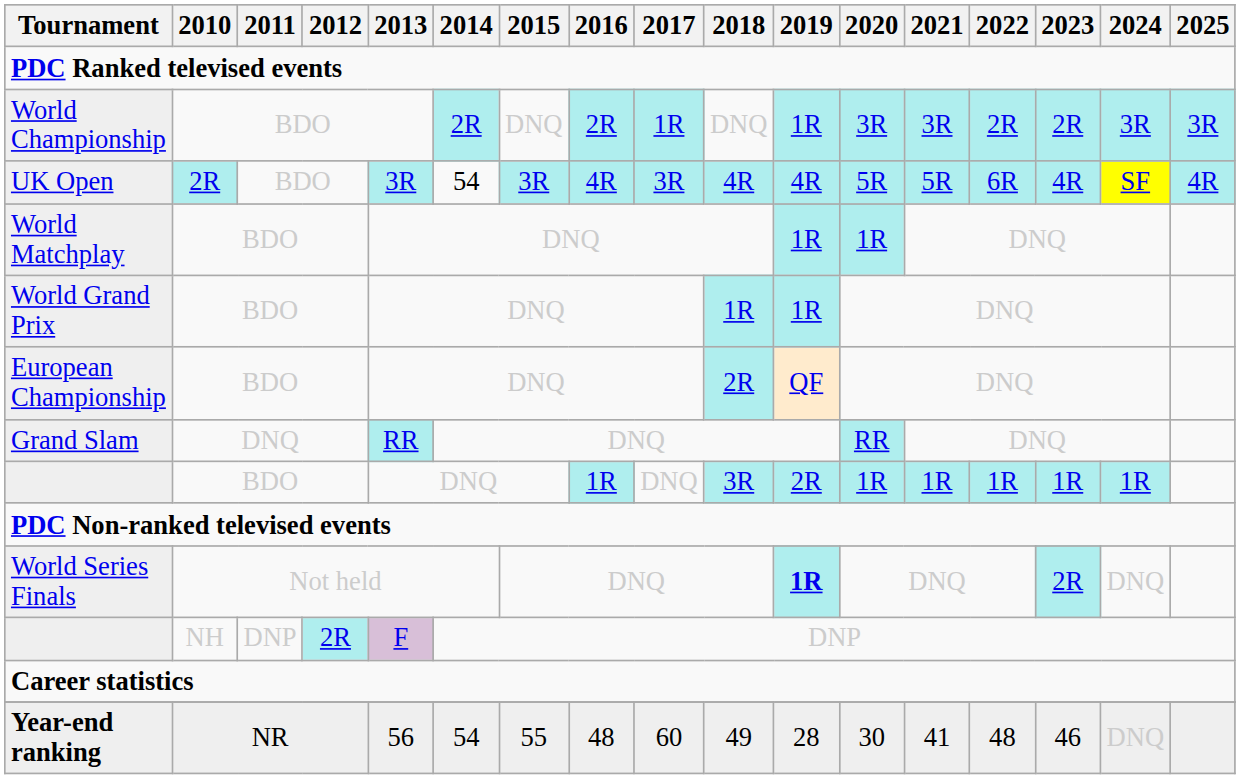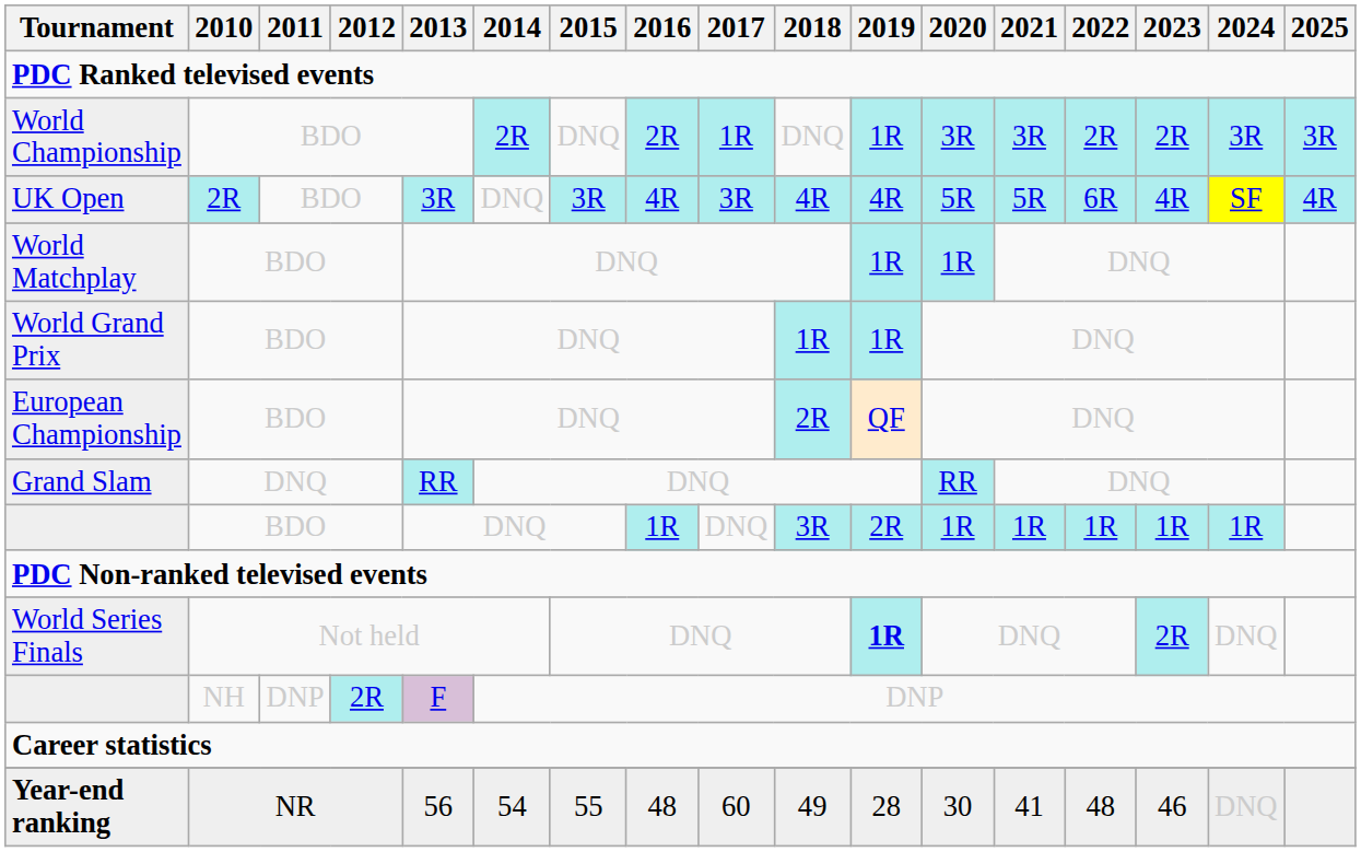 <table class="wikitable" style="width:20%; margin:0">
 <tr>
 <th>Tournament</th>
 <th>2010</th>
 <th>2011</th>
 <th>2012</th>
 <th>2013</th>
 <th>2014</th>
 <th>2015</th>
 <th>2016</th>
 <th>2017</th>
 <th>2018</th>
 <th>2019</th>
 <th>2020</th>
 <th>2021</th>
 <th>2022</th>
 <th>2023</th>
 <th>2024</th>
 <th>2025</th>
 </tr>
 <tr>
 <td colspan="32" align="left"><strong><a href='#'>PDC</a> Ranked televised events</strong></td>
 </tr>
 <tr>
 <td style="background:#efefef;"><a href='#'>World Championship</a></td>
 <td colspan="4" style="text-align:center; color:#ccc;">BDO</td>
 <td style="text-align:center; background:#afeeee;"><a href='#'>2R</a></td>
 <td style="text-align:center; color:#ccc;">DNQ</td>
 <td style="text-align:center; background:#afeeee;"><a href='#'>2R</a></td>
 <td style="text-align:center; background:#afeeee;"><a href='#'>1R</a></td>
 <td style="text-align:center; color:#ccc;">DNQ</td>
 <td style="text-align:center; background:#afeeee;"><a href='#'>1R</a></td>
 <td style="text-align:center; background:#afeeee;"><a href='#'>3R</a></td>
 <td style="text-align:center; background:#afeeee;"><a href='#'>3R</a></td>
 <td style="text-align:center; background:#afeeee;"><a href='#'>2R</a></td>
 <td style="text-align:center; background:#afeeee;"><a href='#'>2R</a></td>
 <td style="text-align:center; background:#afeeee;"><a href='#'>3R</a></td>
 <td style="text-align:center; background:#afeeee;"><a href='#'>3R</a></td>
 </tr>
 <tr>
 <td style="background:#efefef;"><a href='#'>UK Open</a></td>
 <td style="text-align:center; background:#afeeee;"><a href='#'>2R</a></td>
 <td colspan="2" style="text-align:center; color:#ccc;">BDO</td>
 <td style="text-align:center; background:#afeeee;"><a href='#'>3R</a></td>
-<td style="text-align:center;">54</td>
+<td style="text-align:center; color:#ccc;">DNQ</td>
 <td style="text-align:center; background:#afeeee;"><a href='#'>3R</a></td>
 <td style="text-align:center; background:#afeeee;"><a href='#'>4R</a></td>
 <td style="text-align:center; background:#afeeee;"><a href='#'>3R</a></td>
 <td style="text-align:center; background:#afeeee;"><a href='#'>4R</a></td>
 <td style="text-align:center; background:#afeeee;"><a href='#'>4R</a></td>
 <td style="text-align:center; background:#afeeee;"><a href='#'>5R</a></td>
 <td style="text-align:center; background:#afeeee;"><a href='#'>5R</a></td>
 <td style="text-align:center; background:#afeeee;"><a href='#'>6R</a></td>
 <td style="text-align:center; background:#afeeee;"><a href='#'>4R</a></td>
 <td style="text-align:center; background:yellow;"><a href='#'>SF</a></td>
 <td style="text-align:center; background:#afeeee;"><a href='#'>4R</a></td>
 </tr>
 <tr>
 <td style="background:#efefef;"><a href='#'>World Matchplay</a></td>
 <td colspan="3" style="text-align:center; color:#ccc;">BDO</td>
 <td colspan="6" style="text-align:center; color:#ccc;">DNQ</td>
 <td style="text-align:center; background:#afeeee;"><a href='#'>1R</a></td>
 <td style="text-align:center; background:#afeeee;"><a href='#'>1R</a></td>
 <td colspan="4" style="text-align:center; color:#ccc;">DNQ</td>
 <td></td>
 </tr>
 <tr>
 <td style="background:#efefef;"><a href='#'>World Grand Prix</a></td>
 <td colspan="3" style="text-align:center; color:#ccc;">BDO</td>
 <td colspan="5" style="text-align:center; color:#ccc;">DNQ</td>
 <td style="text-align:center; background:#afeeee;"><a href='#'>1R</a></td>
 <td style="text-align:center; background:#afeeee;"><a href='#'>1R</a></td>
 <td colspan="5" style="text-align:center; color:#ccc;">DNQ</td>
 <td></td>
 </tr>
 <tr>
 <td style="background:#efefef;"><a href='#'>European Championship</a></td>
 <td colspan="3" style="text-align:center; color:#ccc;">BDO</td>
 <td colspan="5" style="text-align:center; color:#ccc;">DNQ</td>
 <td style="text-align:center; background:#afeeee;"><a href='#'>2R</a></td>
 <td align="center" style="background:#ffebcd;"><a href='#'>QF</a></td>
 <td colspan="5" style="text-align:center; color:#ccc;">DNQ</td>
 <td></td>
 </tr>
 <tr>
 <td style="background:#efefef;"><a href='#'>Grand Slam</a></td>
 <td colspan="3" style="text-align:center; color:#ccc;">DNQ</td>
 <td style="text-align:center; background:#afeeee;"><a href='#'>RR</a></td>
 <td colspan="6" style="text-align:center; color:#ccc;">DNQ</td>
 <td style="text-align:center; background:#afeeee;"><a href='#'>RR</a></td>
 <td colspan="4" style="text-align:center; color:#ccc;">DNQ</td>
 <td></td>
 </tr>
 <tr>
 <td style="background:#efefef;"></td>
 <td colspan="3" style="text-align:center; color:#ccc;">BDO</td>
 <td colspan="3" style="text-align:center; color:#ccc;">DNQ</td>
 <td style="text-align:center; background:#afeeee;"><a href='#'>1R</a></td>
 <td style="text-align:center; color:#ccc;">DNQ</td>
 <td style="text-align:center; background:#afeeee;"><a href='#'>3R</a></td>
 <td style="text-align:center; background:#afeeee;"><a href='#'>2R</a></td>
 <td style="text-align:center; background:#afeeee;"><a href='#'>1R</a></td>
 <td style="text-align:center; background:#afeeee;"><a href='#'>1R</a></td>
 <td style="text-align:center; background:#afeeee;"><a href='#'>1R</a></td>
 <td style="text-align:center; background:#afeeee;"><a href='#'>1R</a></td>
 <td style="text-align:center; background:#afeeee;"><a href='#'>1R</a></td>
 <td></td>
 </tr>
 <tr>
 <td colspan="19" align="left"><strong><a href='#'>PDC</a> Non-ranked televised events</strong></td>
 </tr>
 <tr>
 <td style="background:#efefef;"><a href='#'>World Series Finals</a></td>
 <td colspan="5" style="text-align:center; color:#ccc;">Not held</td>
 <td colspan="4" style="text-align:center; color:#ccc;">DNQ</td>
 <td style="text-align:center; background:#afeeee;"><strong><a href='#'>1R</a></strong></td>
 <td colspan="3" style="text-align:center; color:#ccc;">DNQ</td>
 <td style="text-align:center; background:#afeeee;"><a href='#'>2R</a></td>
 <td style="text-align:center; color:#ccc;">DNQ</td>
 <td></td>
 </tr>
 <tr>
 <td style="background:#efefef;"></td>
 <td style="text-align:center; color:#ccc;">NH</td>
 <td style="text-align:center; color:#ccc;">DNP</td>
 <td style="text-align:center; background:#afeeee;"><a href='#'>2R</a></td>
 <td style="text-align:center; background:thistle;"><a href='#'>F</a></td>
 <td colspan="12" style="text-align:center; color:#ccc;">DNP</td>
 </tr>
 <tr>
 <td colspan="20" align="left"><strong>Career statistics</strong></td>
 </tr>
 <tr>
 </tr>
 <tr bgcolor="efefef">
 <td align="left"><strong>Year-end ranking</strong></td>
 <td colspan="3" style="text-align:center;">NR</td>
 <td style="text-align:center;">56</td>
 <td style="text-align:center;">54</td>
 <td style="text-align:center;">55</td>
 <td style="text-align:center;">48</td>
 <td style="text-align:center;">60</td>
 <td style="text-align:center;">49</td>
 <td style="text-align:center;">28</td>
 <td style="text-align:center;">30</td>
 <td style="text-align:center;">41</td>
 <td style="text-align:center;">48</td>
 <td style="text-align:center;">46</td>
 <td style="text-align:center; color:#ccc;">DNQ</td>
 <td></td>
 </tr>
 </table>
